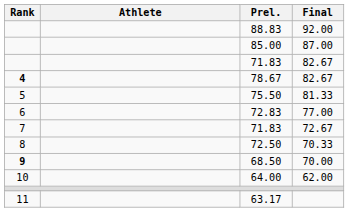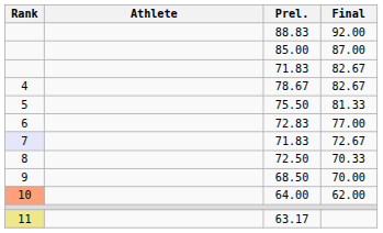 <table class=wikitable style="text-align:center">
 <tr>
 <th width=40>Rank</th>
 <th width=250>Athlete</th>
 <th width=60>Prel.</th>
 <th width=60>Final</th>
 </tr>
 <tr>
 <td></td>
 <td align=left></td>
 <td>88.83</td>
 <td>92.00</td>
 </tr>
 <tr>
 <td></td>
 <td align=left></td>
 <td>85.00</td>
 <td>87.00</td>
 </tr>
 <tr>
 <td></td>
 <td align=left></td>
 <td>71.83</td>
 <td>82.67</td>
 </tr>
 <tr>
-<td><strong>4</strong></td>
+<td>4</td>
 <td align=left></td>
 <td>78.67</td>
 <td>82.67</td>
 </tr>
 <tr>
 <td>5</td>
 <td align=left></td>
 <td>75.50</td>
 <td>81.33</td>
 </tr>
 <tr>
 <td>6</td>
 <td align=left></td>
 <td>72.83</td>
 <td>77.00</td>
 </tr>
 <tr>
-<td>7</td>
+<td style="background: lavender;">7</td>
 <td align=left></td>
 <td>71.83</td>
 <td>72.67</td>
 </tr>
 <tr>
 <td>8</td>
 <td align=left></td>
 <td>72.50</td>
 <td>70.33</td>
 </tr>
 <tr>
-<td><strong>9</strong></td>
+<td>9</td>
 <td align=left></td>
 <td>68.50</td>
 <td>70.00</td>
 </tr>
 <tr>
-<td>10</td>
+<td style="background: lightsalmon;">10</td>
 <td align=left></td>
 <td>64.00</td>
 <td>62.00</td>
 </tr>
 <tr bgcolor=#DDDDDD>
 <td colspan=4></td>
 </tr>
 <tr>
-<td>11</td>
+<td style="background: khaki;">11</td>
 <td align=left></td>
 <td>63.17</td>
 <td></td>
 </tr>
 </table>
